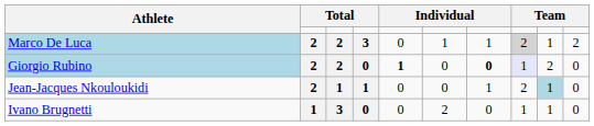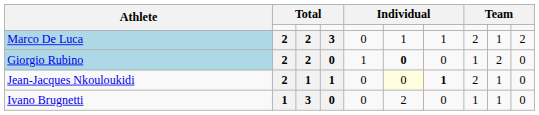 <table class="wikitable" width=50% style="font-size:90%; text-align:center;">
 <tr>
 <th rowspan=2>Athlete</th>
 <th colspan=3>Total</th>
 <th colspan=3>Individual</th>
 <th colspan=3>Team</th>
 </tr>
 <tr>
 <td></td>
 <td></td>
 <td></td>
 <td></td>
 <td></td>
 <td></td>
 <td></td>
 <td></td>
 <td></td>
 </tr>
 <tr>
 <td align=left bgcolor=lightblue><a href='#'>Marco De Luca</a></td>
 <th>2</th>
 <th>2</th>
 <th>3</th>
 <td>0</td>
 <td>1</td>
 <td>1</td>
-<td style="background: lightgrey;">2</td>
+<td>2</td>
 <td>1</td>
 <td>2</td>
 </tr>
 <tr>
 <td align=left bgcolor=lightblue><a href='#'>Giorgio Rubino</a></td>
 <th>2</th>
 <th>2</th>
 <th>0</th>
-<td><strong>1</strong></td>
+<td>1</td>
+<td><strong>0</strong></td>
 <td>0</td>
-<td><strong>0</strong></td>
-<td style="background: lavender;">1</td>
+<td>1</td>
 <td>2</td>
 <td>0</td>
 </tr>
 <tr>
 <td align=left><a href='#'>Jean-Jacques Nkouloukidi</a></td>
 <th>2</th>
 <th>1</th>
 <th>1</th>
 <td>0</td>
-<td>0</td>
+<td style="background: lightyellow;">0</td>
+<td><strong>1</strong></td>
+<td>2</td>
 <td>1</td>
-<td>2</td>
-<td style="background: lightblue;">1</td>
 <td>0</td>
 </tr>
 <tr>
 <td align=left><a href='#'>Ivano Brugnetti</a></td>
 <th>1</th>
 <th>3</th>
 <th>0</th>
 <td>0</td>
 <td>2</td>
 <td>0</td>
 <td>1</td>
 <td>1</td>
 <td>0</td>
 </tr>
 </table>
